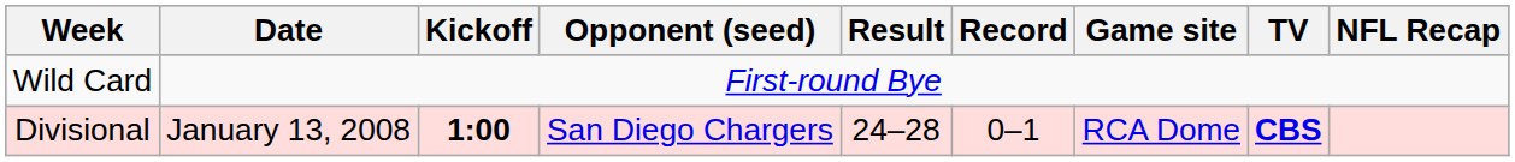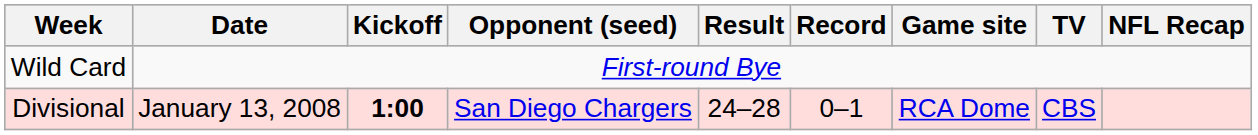 <table class="wikitable">
 <tr>
 <th>Week</th>
 <th>Date</th>
 <th>Kickoff</th>
 <th>Opponent (seed)</th>
 <th>Result</th>
 <th>Record</th>
 <th>Game site</th>
 <th>TV</th>
 <th>NFL Recap</th>
 </tr>
 <tr style="text-align:center;">
 <td>Wild Card</td>
 <td colspan="8" style="text-align:center;"><em><a href='#'>First-round Bye</a></em></td>
 </tr>
 <tr style="text-align:center; background:#fdd;">
 <td>Divisional</td>
 <td>January 13, 2008</td>
 <td><strong>1:00</strong></td>
 <td><a href='#'>San Diego Chargers</a></td>
 <td>24–28</td>
 <td>0–1</td>
 <td><a href='#'>RCA Dome</a></td>
-<td><strong><a href='#'>CBS</a></strong></td>
+<td><a href='#'>CBS</a></td>
 <td></td>
 </tr>
 </table>
